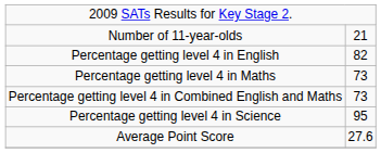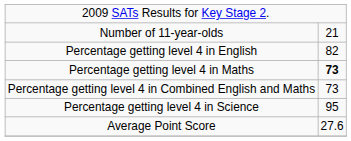 <table class="wikitable" style="margin:auto;text-align:center">
 <tr>
 <td colspan="2">2009 <a href='#'>SATs</a> Results for <a href='#'>Key Stage 2</a>.</td>
 </tr>
 <tr>
 <td>Number of 11-year-olds</td>
 <td>21</td>
 </tr>
 <tr>
 <td>Percentage getting level 4 in English</td>
 <td>82</td>
 </tr>
 <tr>
 <td>Percentage getting level 4 in Maths</td>
-<td>73</td>
+<td><strong>73</strong></td>
 </tr>
 <tr>
 <td>Percentage getting level 4 in Combined English and Maths</td>
 <td>73</td>
 </tr>
 <tr>
 <td>Percentage getting level 4 in Science</td>
 <td>95</td>
 </tr>
 <tr>
 <td>Average Point Score</td>
 <td>27.6</td>
 </tr>
 <tr>
 </tr>
 </table>
